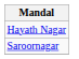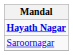 <table class="wikitable sortable static-row-number static-row-header-hash">
 <tr>
 <th>Mandal</th>
 </tr>
 <tr>
-<td><a href='#'>Hayath Nagar</a></td>
+<td><strong><a href='#'>Hayath Nagar</a></strong></td>
 </tr>
 <tr>
 <td><a href='#'>Saroornagar</a></td>
 </tr>
 <tr>
 </tr>
 </table>
